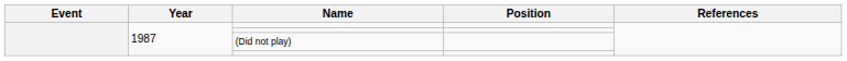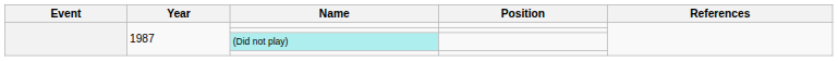 <table class="wikitable sortable" width="75%">
 <tr>
 <th scope="col">Event</th>
 <th scope="col">Year</th>
 <th scope="col">Name</th>
 <th scope="col">Position</th>
 <th scope="col" class="unsortable">References</th>
 </tr>
 <tr>
 <th scope="row" rowspan="4"></th>
 <td rowspan="4">1987</td>
 <td></td>
 <td></td>
 <td rowspan="4"></td>
 </tr>
 <tr>
 <td></td>
 <td></td>
 </tr>
 <tr>
-<td> <small>(Did not play)</small></td>
+<td style="background: paleturquoise;"> <small>(Did not play)</small></td>
 <td></td>
 </tr>
 <tr>
 <td></td>
 <td></td>
 </tr>
 </table>
